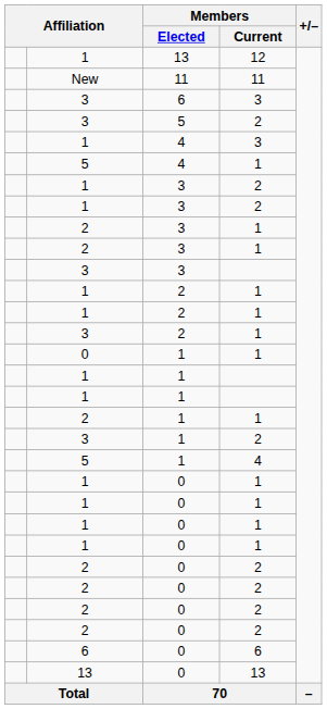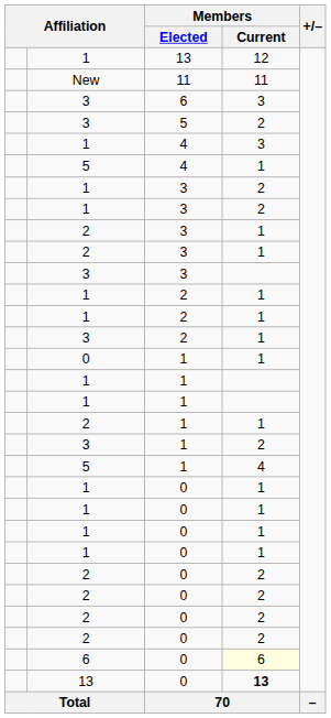 <table class="wikitable" border="1" style="font-size: 95%; text-align: center;">
 <tr>
 <th colspan="2" rowspan="2" class=unsortable style="text-align: center; vertical-align: middle; width: 150px;">Affiliation</th>
 <th colspan="2" style="vertical-align: top;">Members</th>
 <th rowspan="2">+/–</th>
 </tr>
 <tr>
 <th data-sort-type=number style="width: 80px;"><a href='#'>Elected</a></th>
 <th style="width: 80px;">Current</th>
 </tr>
 <tr>
 <td></td>
 <td>1</td>
 <td>13</td>
 <td><strong></strong>12</td>
 </tr>
 <tr>
 <td></td>
 <td>New</td>
 <td>11</td>
 <td><strong></strong>11</td>
 </tr>
 <tr>
 <td></td>
 <td>3</td>
 <td>6</td>
 <td>3</td>
 </tr>
 <tr>
 <td></td>
 <td>3</td>
 <td>5</td>
 <td>2</td>
 </tr>
 <tr>
 <td></td>
 <td>1</td>
 <td>4</td>
 <td>3</td>
 </tr>
 <tr>
 <td></td>
 <td>5</td>
 <td>4</td>
 <td>1</td>
 </tr>
 <tr>
 <td></td>
 <td>1</td>
 <td>3</td>
 <td>2</td>
 </tr>
 <tr>
 <td></td>
 <td>1</td>
 <td>3</td>
 <td>2</td>
 </tr>
 <tr>
 <td></td>
 <td>2</td>
 <td>3</td>
 <td>1</td>
 </tr>
 <tr>
 <td></td>
 <td>2</td>
 <td>3</td>
 <td>1</td>
 </tr>
 <tr>
 <td></td>
 <td>3</td>
 <td>3</td>
 <td></td>
 </tr>
 <tr>
 <td></td>
 <td>1</td>
 <td>2</td>
 <td>1</td>
 </tr>
 <tr>
 <td></td>
 <td>1</td>
 <td>2</td>
 <td>1</td>
 </tr>
 <tr>
 <td></td>
 <td>3</td>
 <td>2</td>
 <td>1</td>
 </tr>
 <tr>
 <td></td>
 <td>0</td>
 <td>1</td>
 <td>1</td>
 </tr>
 <tr>
 <td></td>
 <td>1</td>
 <td>1</td>
 <td></td>
 </tr>
 <tr>
 <td></td>
 <td>1</td>
 <td>1</td>
 <td></td>
 </tr>
 <tr>
 <td></td>
 <td>2</td>
 <td>1</td>
 <td>1</td>
 </tr>
 <tr>
 <td></td>
 <td>3</td>
 <td>1</td>
 <td>2</td>
 </tr>
 <tr>
 <td></td>
 <td>5</td>
 <td>1</td>
 <td>4</td>
 </tr>
 <tr>
 <td></td>
 <td>1</td>
 <td>0</td>
 <td>1</td>
 </tr>
 <tr>
 <td></td>
 <td>1</td>
 <td>0</td>
 <td>1</td>
 </tr>
 <tr>
 <td></td>
 <td>1</td>
 <td>0</td>
 <td>1</td>
 </tr>
 <tr>
 <td></td>
 <td>1</td>
 <td>0</td>
 <td>1</td>
 </tr>
 <tr>
 <td></td>
 <td>2</td>
 <td>0</td>
 <td>2</td>
 </tr>
 <tr>
 <td></td>
 <td>2</td>
 <td>0</td>
 <td>2</td>
 </tr>
 <tr>
 <td></td>
 <td>2</td>
 <td>0</td>
 <td>2</td>
 </tr>
 <tr>
 <td></td>
 <td>2</td>
 <td>0</td>
 <td>2</td>
 </tr>
 <tr>
 <td></td>
 <td>6</td>
 <td>0</td>
-<td>6</td>
+<td style="background: lightyellow;">6</td>
 </tr>
 <tr>
 <td></td>
 <td>13</td>
 <td>0</td>
-<td>13</td>
+<td><strong>13</strong></td>
 </tr>
 <tr>
 <th colspan="2">Total</th>
 <th colspan="2">70</th>
 <th>–</th>
 </tr>
 </table>
